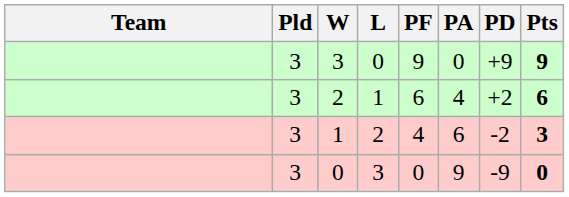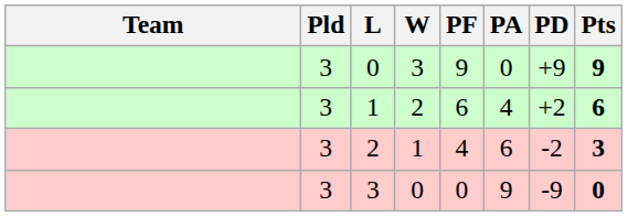 <table class="wikitable" style="text-align:center;">
 <tr>
 <th width=175>Team</th>
 <th width=20 abbr="Played">Pld</th>
+<th width=20 abbr="Lost">L</th>
 <th width=20 abbr="Won">W</th>
-<th width=20 abbr="Lost">L</th>
 <th width=20 abbr="Points for">PF</th>
 <th width=20 abbr="Points against">PA</th>
 <th width=20 abbr="Points difference">PD</th>
 <th width=20 abbr="Points">Pts</th>
 </tr>
 <tr bgcolor=#ccffcc>
 <td align=left></td>
 <td>3</td>
+<td>0</td>
 <td>3</td>
-<td>0</td>
 <td>9</td>
 <td>0</td>
 <td>+9</td>
 <td><strong>9</strong></td>
 </tr>
 <tr bgcolor=#ccffcc>
 <td align=left></td>
 <td>3</td>
+<td>1</td>
 <td>2</td>
-<td>1</td>
 <td>6</td>
 <td>4</td>
 <td>+2</td>
 <td><strong>6</strong></td>
 </tr>
 <tr bgcolor=#ffcccc>
 <td align=left></td>
 <td>3</td>
+<td>2</td>
 <td>1</td>
-<td>2</td>
 <td>4</td>
 <td>6</td>
 <td>-2</td>
 <td><strong>3</strong></td>
 </tr>
 <tr bgcolor=#ffcccc>
 <td align=left></td>
 <td>3</td>
+<td>3</td>
 <td>0</td>
-<td>3</td>
 <td>0</td>
 <td>9</td>
 <td>-9</td>
 <td><strong>0</strong></td>
 </tr>
 </table>
